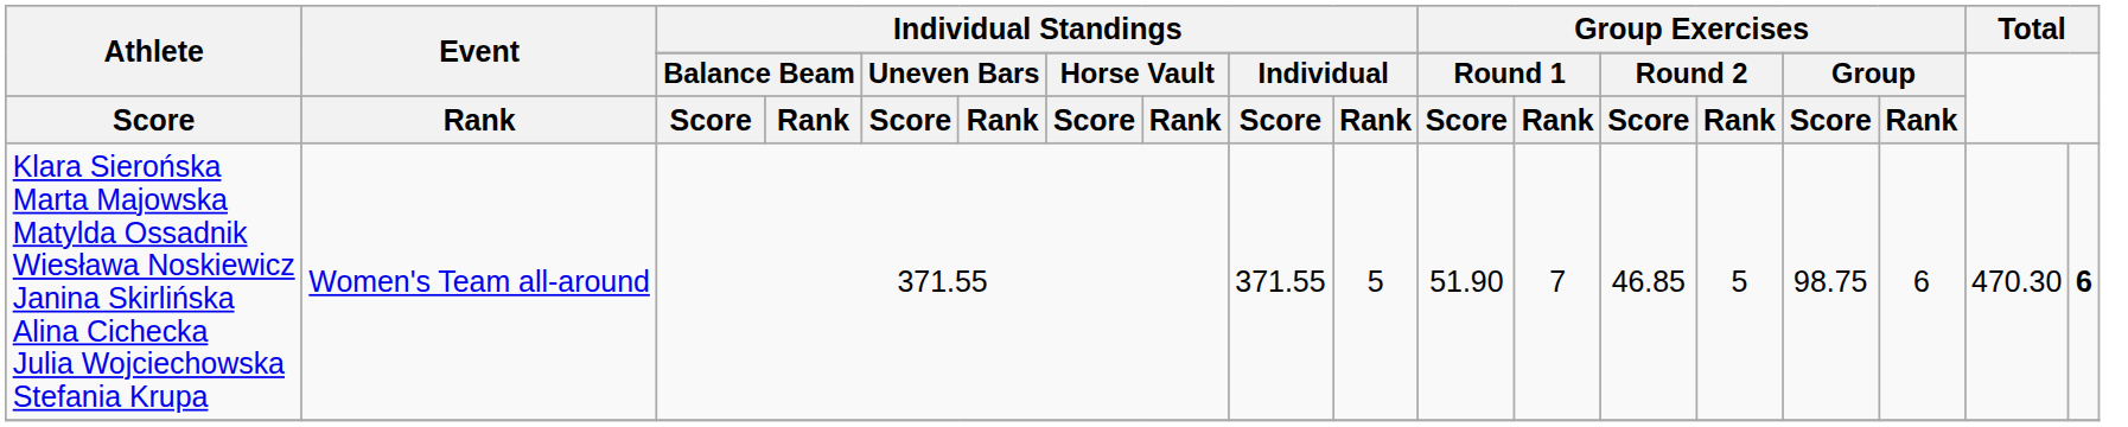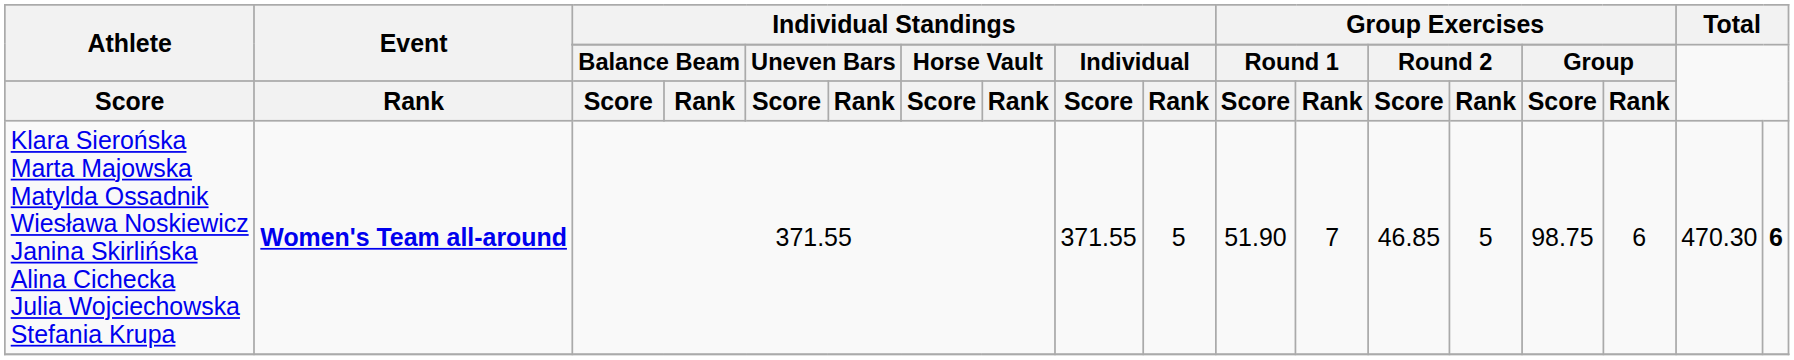 <table class="wikitable" style="font-size:90%">
 <tr>
 <th rowspan="3">Athlete</th>
 <th rowspan="3">Event</th>
 <th colspan="8" rowspan="1">Individual Standings</th>
 <th colspan="6" rowspan="1">Group Exercises</th>
 <th colspan="2" rowspan="2">Total</th>
 </tr>
 <tr>
 </tr>
 <tr style="font-size:95%">
 <th colspan="2">Balance Beam</th>
 <th colspan="2">Uneven Bars</th>
 <th colspan="2">Horse Vault</th>
 <th colspan="2">Individual</th>
 <th colspan="2">Round 1</th>
 <th colspan="2">Round 2</th>
 <th colspan="2">Group</th>
 </tr>
 <tr>
 <th>Score</th>
 <th>Rank</th>
 <th>Score</th>
 <th>Rank</th>
 <th>Score</th>
 <th>Rank</th>
 <th>Score</th>
 <th>Rank</th>
 <th>Score</th>
 <th>Rank</th>
 <th>Score</th>
 <th>Rank</th>
 <th>Score</th>
 <th>Rank</th>
 <th>Score</th>
 <th>Rank</th>
 </tr>
 <tr>
 <td rowspan=1><a href='#'>Klara Sierońska</a><br><a href='#'>Marta Majowska</a><br><a href='#'>Matylda Ossadnik</a><br><a href='#'>Wiesława Noskiewicz</a><br><a href='#'>Janina Skirlińska</a><br><a href='#'>Alina Cichecka</a><br><a href='#'>Julia Wojciechowska</a><br><a href='#'>Stefania Krupa</a></td>
-<td><a href='#'>Women's Team all-around</a></td>
+<td><strong><a href='#'>Women's Team all-around</a></strong></td>
 <td colspan="6"  align="center">371.55</td>
 <td colspan="1"  align="center">371.55</td>
 <td colspan="1"  align="center">5</td>
 <td colspan="1"  align="center">51.90</td>
 <td colspan="1"  align="center">7</td>
 <td colspan="1"  align="center">46.85</td>
 <td colspan="1"  align="center">5</td>
 <td colspan="1"  align="center">98.75</td>
 <td colspan="1"  align="center">6</td>
 <td colspan="1"  align="center">470.30</td>
 <td colspan="1"  align="center"><strong>6</strong></td>
 </tr>
 <tr>
 </tr>
 </table>
